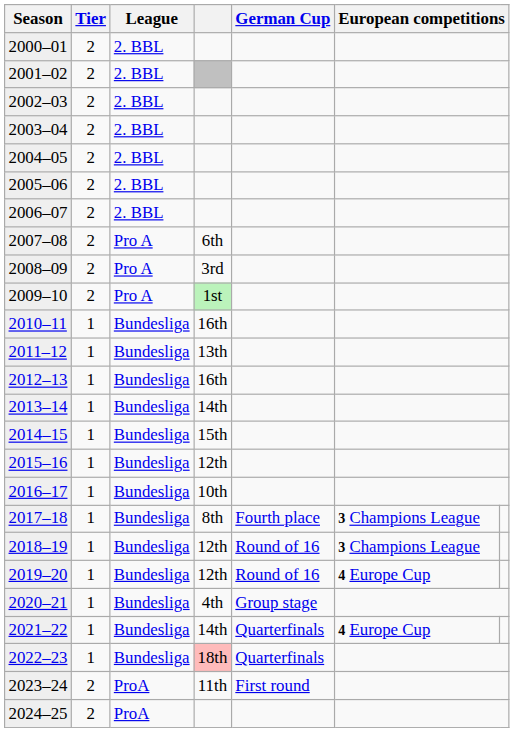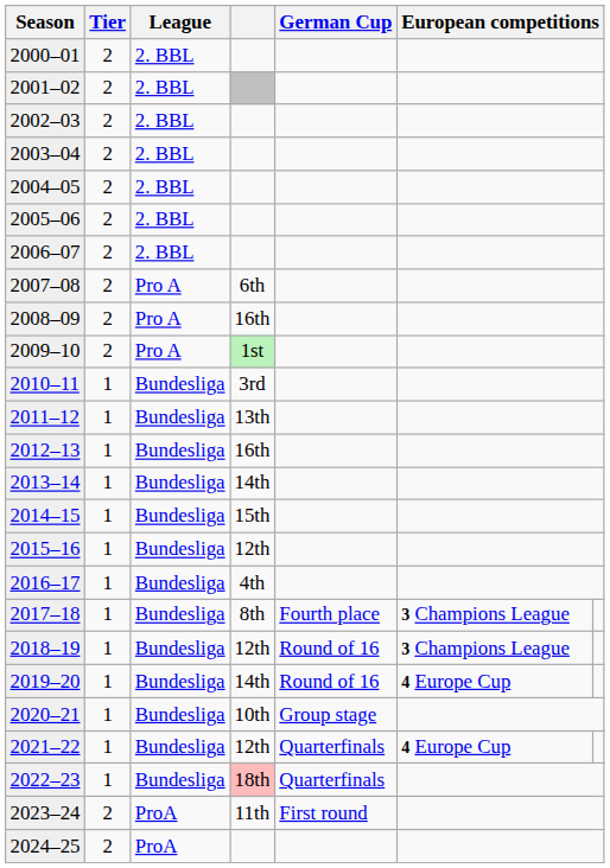 <table class="wikitable" style="font-size:90%">
 <tr>
 <th>Season</th>
 <th><a href='#'>Tier</a></th>
 <th>League</th>
 <th></th>
 <th><a href='#'>German Cup</a></th>
 <th colspan=2>European competitions</th>
 </tr>
 <tr>
 <td style="background:#efefef;">2000–01</td>
 <td align="center">2</td>
 <td><a href='#'>2. BBL</a></td>
 <td align="center"></td>
 <td></td>
 <td colspan=3></td>
 </tr>
 <tr>
 <td style="background:#efefef;">2001–02</td>
 <td align="center">2</td>
 <td><a href='#'>2. BBL</a></td>
 <td style="background:silver" align="center"></td>
 <td></td>
 <td colspan=3></td>
 </tr>
 <tr>
 <td style="background:#efefef;">2002–03</td>
 <td align="center">2</td>
 <td><a href='#'>2. BBL</a></td>
 <td align="center"></td>
 <td></td>
 <td colspan=3></td>
 </tr>
 <tr>
 <td style="background:#efefef;">2003–04</td>
 <td align="center">2</td>
 <td><a href='#'>2. BBL</a></td>
 <td align="center"></td>
 <td></td>
 <td colspan=3></td>
 </tr>
 <tr>
 <td style="background:#efefef;">2004–05</td>
 <td align="center">2</td>
 <td><a href='#'>2. BBL</a></td>
 <td align="center"></td>
 <td></td>
 <td colspan=3></td>
 </tr>
 <tr>
 <td style="background:#efefef;">2005–06</td>
 <td align="center">2</td>
 <td><a href='#'>2. BBL</a></td>
 <td align="center"></td>
 <td></td>
 <td colspan=3></td>
 </tr>
 <tr>
 <td style="background:#efefef;">2006–07</td>
 <td align="center">2</td>
 <td><a href='#'>2. BBL</a></td>
 <td align="center"></td>
 <td></td>
 <td colspan=3></td>
 </tr>
 <tr>
 <td style="background:#efefef;">2007–08</td>
 <td align="center">2</td>
 <td><a href='#'>Pro A</a></td>
 <td align="center">6th</td>
 <td></td>
 <td colspan=3></td>
 </tr>
 <tr>
 <td style="background:#efefef;">2008–09</td>
 <td align="center">2</td>
 <td><a href='#'>Pro A</a></td>
-<td align="center">3rd</td>
+<td align="center">16th</td>
 <td></td>
 <td colspan=3></td>
 </tr>
 <tr>
 <td style="background:#efefef;">2009–10</td>
 <td align="center">2</td>
 <td><a href='#'>Pro A</a></td>
 <td style="background:#BBF3BB" align="center">1st</td>
 <td></td>
 <td colspan=3></td>
 </tr>
 <tr>
 <td style="background:#efefef;"><a href='#'>2010–11</a></td>
 <td align="center">1</td>
 <td><a href='#'>Bundesliga</a></td>
-<td align="center">16th</td>
+<td align="center">3rd</td>
 <td></td>
 <td colspan=3></td>
 </tr>
 <tr>
 <td style="background:#efefef;"><a href='#'>2011–12</a></td>
 <td align="center">1</td>
 <td><a href='#'>Bundesliga</a></td>
 <td align="center">13th</td>
 <td></td>
 <td colspan=3></td>
 </tr>
 <tr>
 <td style="background:#efefef;"><a href='#'>2012–13</a></td>
 <td align="center">1</td>
 <td><a href='#'>Bundesliga</a></td>
 <td align="center">16th</td>
 <td></td>
 <td colspan=3></td>
 </tr>
 <tr>
 <td style="background:#efefef;"><a href='#'>2013–14</a></td>
 <td align="center">1</td>
 <td><a href='#'>Bundesliga</a></td>
 <td align="center">14th</td>
 <td></td>
 <td colspan=3></td>
 </tr>
 <tr>
 <td style="background:#efefef;"><a href='#'>2014–15</a></td>
 <td align="center">1</td>
 <td><a href='#'>Bundesliga</a></td>
 <td align="center">15th</td>
 <td></td>
 <td colspan=3></td>
 </tr>
 <tr>
 <td style="background:#efefef;"><a href='#'>2015–16</a></td>
 <td align="center">1</td>
 <td><a href='#'>Bundesliga</a></td>
 <td align="center">12th</td>
 <td></td>
 <td colspan=3></td>
 </tr>
 <tr>
 <td style="background:#efefef;"><a href='#'>2016–17</a></td>
 <td align="center">1</td>
 <td><a href='#'>Bundesliga</a></td>
-<td align="center">10th</td>
+<td align="center">4th</td>
 <td></td>
 <td colspan=3></td>
 </tr>
 <tr>
 <td style="background:#efefef;"><a href='#'>2017–18</a></td>
 <td align="center">1</td>
 <td><a href='#'>Bundesliga</a></td>
 <td align="center">8th</td>
 <td><a href='#'>Fourth place</a></td>
 <td><small><strong>3</strong></small> <a href='#'>Champions League</a></td>
 <td></td>
 </tr>
 <tr>
 <td style="background:#efefef;"><a href='#'>2018–19</a></td>
 <td align="center">1</td>
 <td><a href='#'>Bundesliga</a></td>
 <td align="center">12th</td>
 <td><a href='#'>Round of 16</a></td>
 <td><small><strong>3</strong></small> <a href='#'>Champions League</a></td>
 <td align=center></td>
 </tr>
 <tr>
 <td style="background:#efefef;"><a href='#'>2019–20</a></td>
 <td align="center">1</td>
 <td><a href='#'>Bundesliga</a></td>
-<td align="center">12th</td>
+<td align="center">14th</td>
 <td><a href='#'>Round of 16</a></td>
 <td><small><strong>4</strong></small> <a href='#'>Europe Cup</a></td>
 <td align=center></td>
 </tr>
 <tr>
 <td style="background:#efefef;"><a href='#'>2020–21</a></td>
 <td align="center">1</td>
 <td><a href='#'>Bundesliga</a></td>
-<td align="center">4th</td>
+<td align="center">10th</td>
 <td><a href='#'>Group stage</a></td>
 <td colspan=3></td>
 </tr>
 <tr>
 <td style="background:#efefef;"><a href='#'>2021–22</a></td>
 <td align="center">1</td>
 <td><a href='#'>Bundesliga</a></td>
-<td align="center">14th</td>
+<td align="center">12th</td>
 <td><a href='#'>Quarterfinals</a></td>
 <td><small><strong>4</strong></small> <a href='#'>Europe Cup</a></td>
 <td align=center></td>
 </tr>
 <tr>
 <td style="background:#efefef;"><a href='#'>2022–23</a></td>
 <td align="center">1</td>
 <td><a href='#'>Bundesliga</a></td>
 <td style="text-align:center; background:#fbb;">18th</td>
 <td><a href='#'>Quarterfinals</a></td>
 <td colspan=2></td>
 </tr>
 <tr>
 <td style="background:#efefef;">2023–24</td>
 <td align="center">2</td>
 <td><a href='#'>ProA</a></td>
 <td style="text-align:center;">11th</td>
 <td><a href='#'>First round</a></td>
 <td colspan=2></td>
 </tr>
 <tr>
 <td style="background:#efefef;">2024–25</td>
 <td align="center">2</td>
 <td><a href='#'>ProA</a></td>
 <td style="text-align:center;"></td>
 <td></td>
 <td colspan=2></td>
 </tr>
 </table>
